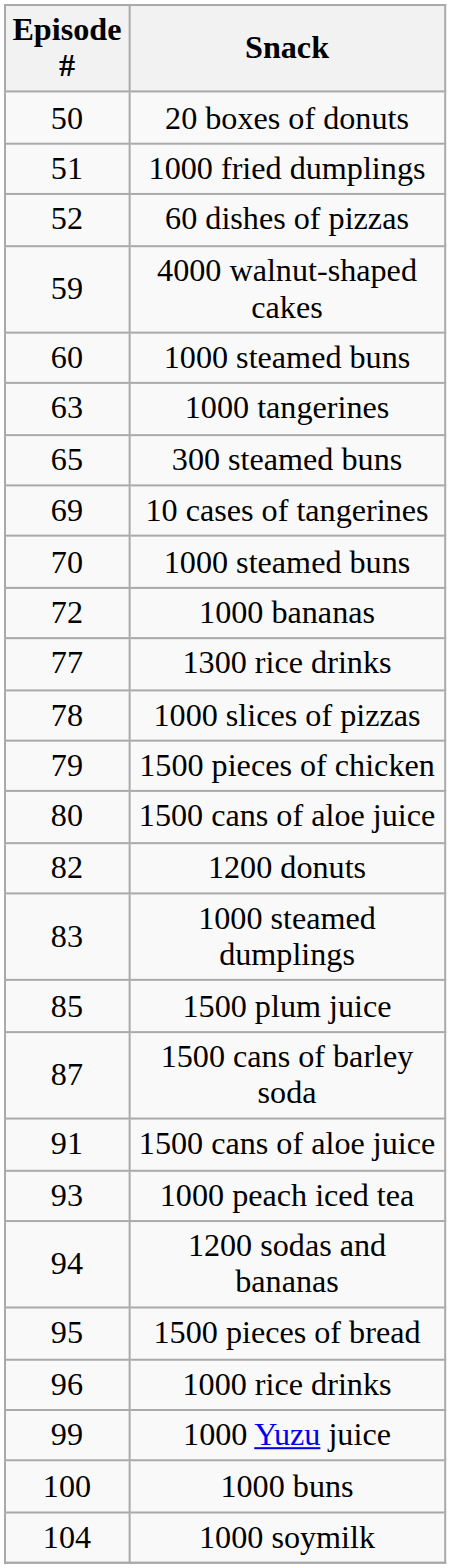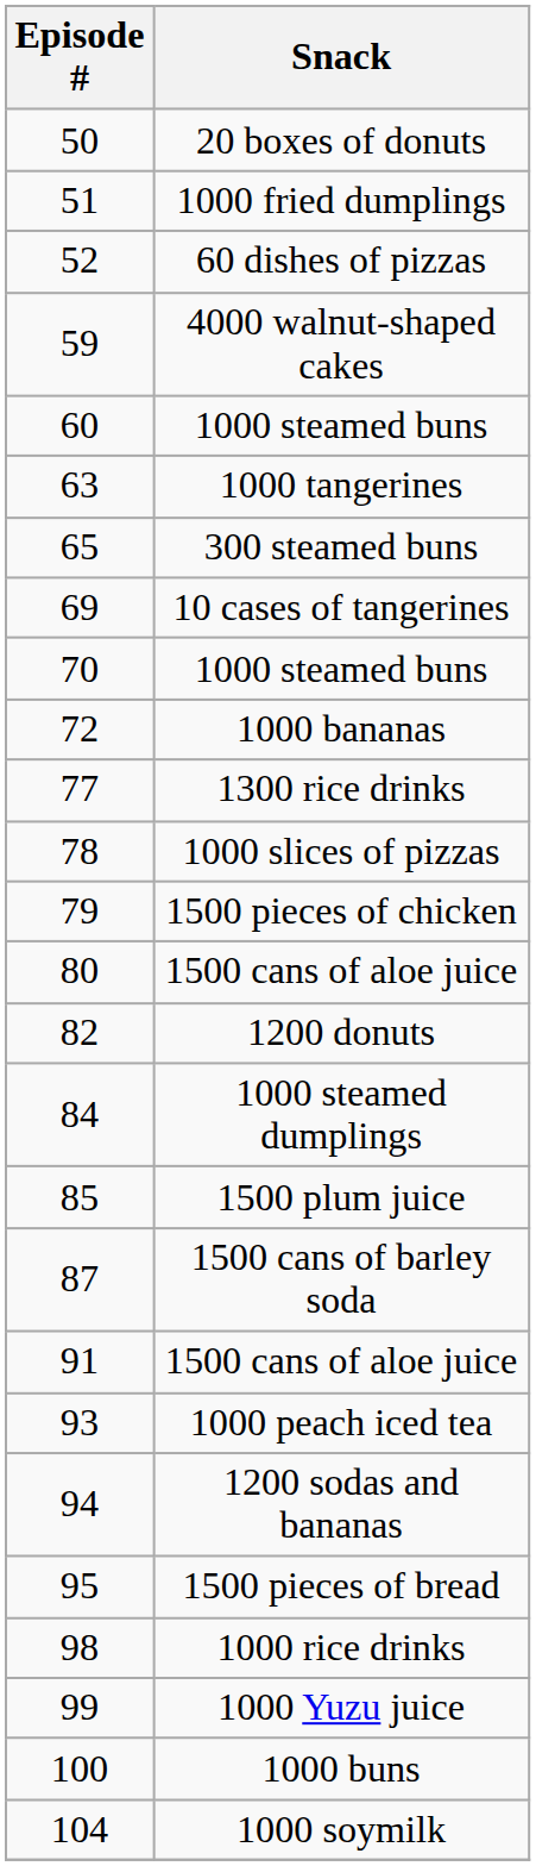 <table class="wikitable">
 <tr>
 <th align="left" width="50px">Episode #</th>
 <th align="left" width="150px">Snack</th>
 </tr>
 <tr>
 <td align="center">50</td>
 <td align="center">20 boxes of donuts</td>
 </tr>
 <tr>
 <td align="center">51</td>
 <td align="center">1000 fried dumplings</td>
 </tr>
 <tr>
 <td align="center">52</td>
 <td align="center">60 dishes of pizzas</td>
 </tr>
 <tr>
 <td align="center">59</td>
 <td align="center">4000 walnut-shaped cakes</td>
 </tr>
 <tr>
 <td align="center">60</td>
 <td align="center">1000 steamed buns</td>
 </tr>
 <tr>
 <td align="center">63</td>
 <td align="center">1000 tangerines</td>
 </tr>
 <tr>
 <td align="center">65</td>
 <td align="center">300 steamed buns</td>
 </tr>
 <tr>
 <td align="center">69</td>
 <td align="center">10 cases of tangerines</td>
 </tr>
 <tr>
 <td align="center">70</td>
 <td align="center">1000 steamed buns</td>
 </tr>
 <tr>
 <td align="center">72</td>
 <td align="center">1000 bananas</td>
 </tr>
 <tr>
 <td align="center">77</td>
 <td align="center">1300 rice drinks</td>
 </tr>
 <tr>
 <td align="center">78</td>
 <td align="center">1000 slices of pizzas</td>
 </tr>
 <tr>
 <td align="center">79</td>
 <td align="center">1500 pieces of chicken</td>
 </tr>
 <tr>
 <td align="center">80</td>
 <td align="center">1500 cans of aloe juice</td>
 </tr>
 <tr>
 <td align="center">82</td>
 <td align="center">1200 donuts</td>
 </tr>
 <tr>
-<td align="center">83</td>
+<td align="center">84</td>
 <td align="center">1000 steamed dumplings</td>
 </tr>
 <tr>
 <td align="center">85</td>
 <td align="center">1500 plum juice</td>
 </tr>
 <tr>
 <td align="center">87</td>
 <td align="center">1500 cans of barley soda</td>
 </tr>
 <tr>
 <td align="center">91</td>
 <td align="center">1500 cans of aloe juice</td>
 </tr>
 <tr>
 <td align="center">93</td>
 <td align="center">1000 peach iced tea</td>
 </tr>
 <tr>
 <td align="center">94</td>
 <td align="center">1200 sodas and bananas</td>
 </tr>
 <tr>
 <td align="center">95</td>
 <td align="center">1500 pieces of bread</td>
 </tr>
 <tr>
-<td align="center">96</td>
+<td align="center">98</td>
 <td align="center">1000 rice drinks</td>
 </tr>
 <tr>
 <td align="center">99</td>
 <td align="center">1000 <a href='#'>Yuzu</a> juice</td>
 </tr>
 <tr>
 <td align="center">100</td>
 <td align="center">1000 buns</td>
 </tr>
 <tr>
 <td align="center">104</td>
 <td align="center">1000 soymilk</td>
 </tr>
 <tr>
 </tr>
 </table>
